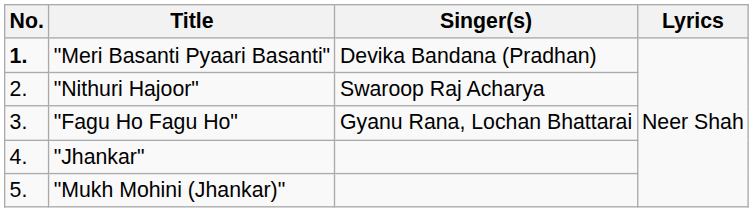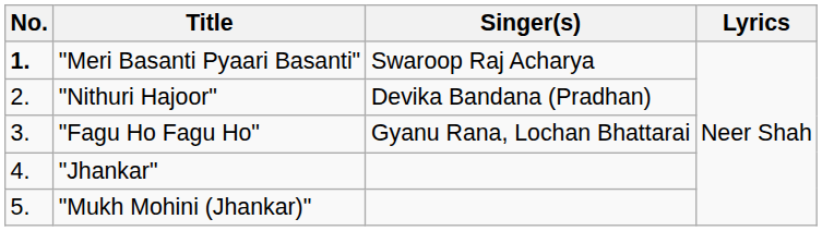 <table class="wikitable">
 <tr>
 <th>No.</th>
 <th>Title</th>
 <th>Singer(s)</th>
 <th>Lyrics</th>
 </tr>
 <tr>
 <td><strong>1.</strong></td>
 <td>"Meri Basanti Pyaari Basanti"</td>
-<td>Devika Bandana (Pradhan)</td>
+<td>Swaroop Raj Acharya</td>
 <td rowspan="5">Neer Shah</td>
 </tr>
 <tr>
 <td>2.</td>
 <td>"Nithuri Hajoor"</td>
-<td>Swaroop Raj Acharya</td>
+<td>Devika Bandana (Pradhan)</td>
 </tr>
 <tr>
 <td>3.</td>
 <td>"Fagu Ho Fagu Ho"</td>
 <td>Gyanu Rana, Lochan Bhattarai</td>
 </tr>
 <tr>
 <td>4.</td>
 <td>"Jhankar"</td>
 <td></td>
 </tr>
 <tr>
 <td>5.</td>
 <td>"Mukh Mohini (Jhankar)"</td>
 <td></td>
 </tr>
 </table>
